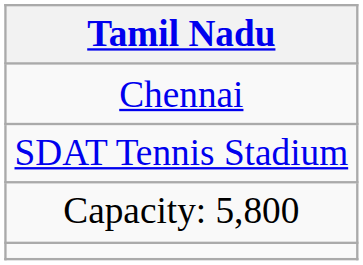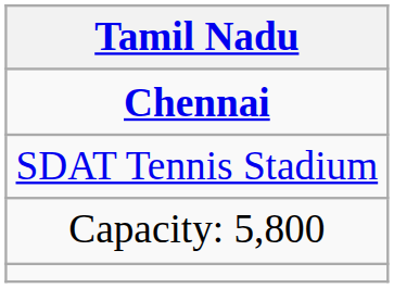 <table class="wikitable" style="text-align:center;margin:auto">
 <tr>
 <th><a href='#'>Tamil Nadu</a></th>
 </tr>
 <tr>
-<td><a href='#'>Chennai</a></td>
+<td><strong><a href='#'>Chennai</a></strong></td>
 </tr>
 <tr>
 <td><a href='#'>SDAT Tennis Stadium</a></td>
 </tr>
 <tr>
 <td>Capacity: 5,800</td>
 </tr>
 <tr>
 <td></td>
 </tr>
 </table>
